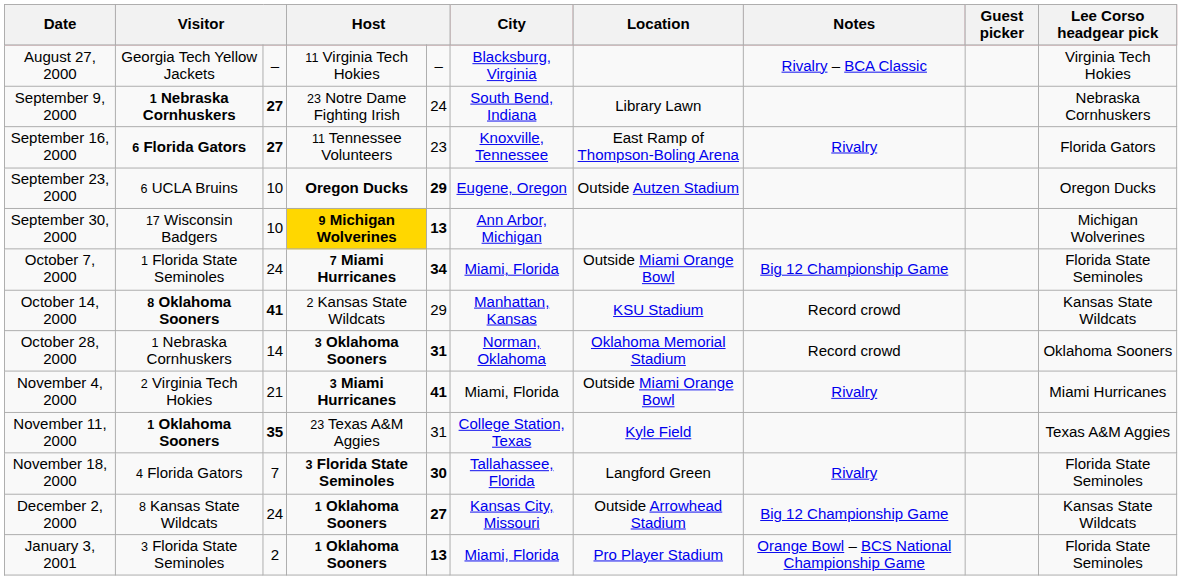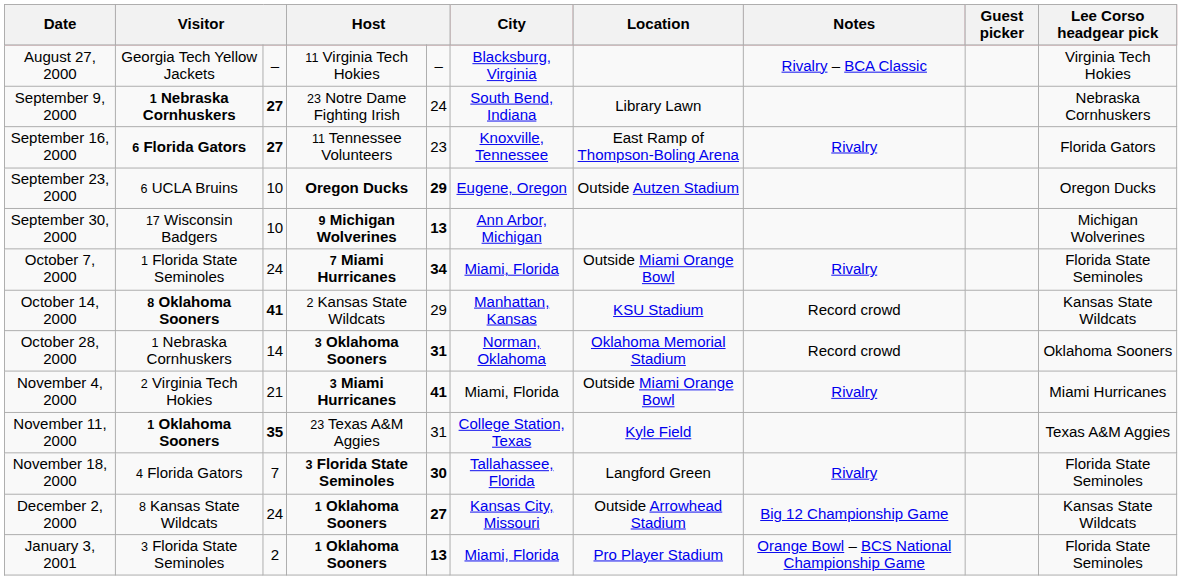 <table class="wikitable" style="text-align:center">
 <tr style="background:#A32638;"|>
 <th>Date</th>
 <th colspan=2>Visitor</th>
 <th colspan=2>Host</th>
 <th>City</th>
 <th>Location</th>
 <th>Notes</th>
 <th>Guest picker</th>
 <th>Lee Corso headgear pick</th>
 </tr>
 <tr>
 <td>August 27, 2000</td>
 <td>Georgia Tech Yellow Jackets</td>
 <td>–</td>
 <td><small>11</small> Virginia Tech Hokies</td>
 <td>–</td>
 <td><a href='#'>Blacksburg, Virginia</a></td>
 <td></td>
 <td><a href='#'>Rivalry</a> – <a href='#'>BCA Classic</a></td>
 <td></td>
 <td>Virginia Tech Hokies</td>
 </tr>
 <tr>
 <td>September 9, 2000</td>
 <td><strong><small>1</small> Nebraska Cornhuskers</strong></td>
 <td><strong>27</strong></td>
 <td><small>23</small> Notre Dame Fighting Irish</td>
 <td>24</td>
 <td><a href='#'>South Bend, Indiana</a></td>
 <td>Library Lawn</td>
 <td></td>
 <td></td>
 <td>Nebraska Cornhuskers</td>
 </tr>
 <tr>
 <td>September 16, 2000</td>
 <td><strong><small>6</small> Florida Gators</strong></td>
 <td><strong>27</strong></td>
 <td><small>11</small> Tennessee Volunteers</td>
 <td>23</td>
 <td><a href='#'>Knoxville, Tennessee</a></td>
 <td>East Ramp of <a href='#'>Thompson-Boling Arena</a></td>
 <td><a href='#'>Rivalry</a></td>
 <td></td>
 <td>Florida Gators</td>
 </tr>
 <tr>
 <td>September 23, 2000</td>
 <td><small>6</small> UCLA Bruins</td>
 <td>10</td>
 <td><strong>Oregon Ducks</strong></td>
 <td><strong>29</strong></td>
 <td><a href='#'>Eugene, Oregon</a></td>
 <td>Outside <a href='#'>Autzen Stadium</a></td>
 <td></td>
 <td></td>
 <td>Oregon Ducks</td>
 </tr>
 <tr>
 <td>September 30, 2000</td>
 <td><small>17</small> Wisconsin Badgers</td>
 <td>10</td>
-<td style="background: gold;"><strong><small>9</small> Michigan Wolverines</strong></td>
+<td><strong><small>9</small> Michigan Wolverines</strong></td>
 <td><strong>13</strong></td>
 <td><a href='#'>Ann Arbor, Michigan</a></td>
 <td></td>
 <td></td>
 <td></td>
 <td>Michigan Wolverines</td>
 </tr>
 <tr>
 <td>October 7, 2000</td>
 <td><small>1</small> Florida State Seminoles</td>
 <td>24</td>
 <td><strong><small>7</small> Miami Hurricanes</strong></td>
 <td><strong>34</strong></td>
 <td><a href='#'>Miami, Florida</a></td>
 <td>Outside <a href='#'>Miami Orange Bowl</a></td>
-<td><a href='#'>Big 12 Championship Game</a></td>
+<td><a href='#'>Rivalry</a></td>
 <td></td>
 <td>Florida State Seminoles</td>
 </tr>
 <tr>
 <td>October 14, 2000</td>
 <td><strong><small>8</small> Oklahoma Sooners</strong></td>
 <td><strong>41</strong></td>
 <td><small>2</small> Kansas State Wildcats</td>
 <td>29</td>
 <td><a href='#'>Manhattan, Kansas</a></td>
 <td><a href='#'>KSU Stadium</a></td>
 <td>Record crowd</td>
 <td></td>
 <td>Kansas State Wildcats</td>
 </tr>
 <tr>
 <td>October 28, 2000</td>
 <td><small>1</small> Nebraska Cornhuskers</td>
 <td>14</td>
 <td><strong><small>3</small> Oklahoma Sooners</strong></td>
 <td><strong>31</strong></td>
 <td><a href='#'>Norman, Oklahoma</a></td>
 <td><a href='#'>Oklahoma Memorial Stadium</a></td>
 <td>Record crowd</td>
 <td></td>
 <td>Oklahoma Sooners</td>
 </tr>
 <tr>
 <td>November 4, 2000</td>
 <td><small>2</small> Virginia Tech Hokies</td>
 <td>21</td>
 <td><strong><small>3</small> Miami Hurricanes</strong></td>
 <td><strong>41</strong></td>
 <td>Miami, Florida</td>
 <td>Outside <a href='#'>Miami Orange Bowl</a></td>
 <td><a href='#'>Rivalry</a></td>
 <td></td>
 <td>Miami Hurricanes</td>
 </tr>
 <tr>
 <td>November 11, 2000</td>
 <td><strong><small>1</small> Oklahoma Sooners</strong></td>
 <td><strong>35</strong></td>
 <td><small>23</small> Texas A&M Aggies</td>
 <td>31</td>
 <td><a href='#'>College Station, Texas</a></td>
 <td><a href='#'>Kyle Field</a></td>
 <td></td>
 <td></td>
 <td>Texas A&M Aggies</td>
 </tr>
 <tr>
 <td>November 18, 2000</td>
 <td><small>4</small> Florida Gators</td>
 <td>7</td>
 <td><strong><small>3</small> Florida State Seminoles</strong></td>
 <td><strong>30</strong></td>
 <td><a href='#'>Tallahassee, Florida</a></td>
 <td>Langford Green</td>
 <td><a href='#'>Rivalry</a></td>
 <td></td>
 <td>Florida State Seminoles</td>
 </tr>
 <tr>
 <td>December 2, 2000</td>
 <td><small>8</small> Kansas State Wildcats</td>
 <td>24</td>
 <td><strong><small>1</small> Oklahoma Sooners</strong></td>
 <td><strong>27</strong></td>
 <td><a href='#'>Kansas City, Missouri</a></td>
 <td>Outside <a href='#'>Arrowhead Stadium</a></td>
 <td><a href='#'>Big 12 Championship Game</a></td>
 <td></td>
 <td>Kansas State Wildcats</td>
 </tr>
 <tr>
 <td>January 3, 2001</td>
 <td><small>3</small> Florida State Seminoles</td>
 <td>2</td>
 <td><strong><small>1</small> Oklahoma Sooners</strong></td>
 <td><strong>13</strong></td>
 <td><a href='#'>Miami, Florida</a></td>
 <td><a href='#'>Pro Player Stadium</a></td>
 <td><a href='#'>Orange Bowl</a> – <a href='#'>BCS National Championship Game</a></td>
 <td></td>
 <td>Florida State Seminoles</td>
 </tr>
 </table>
